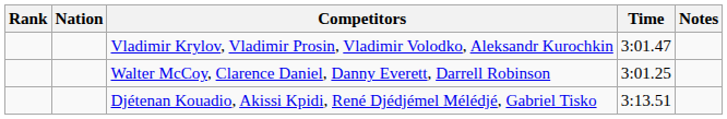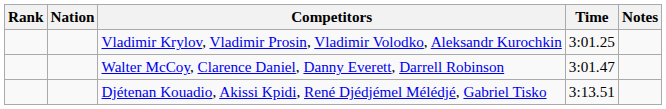 <table class="wikitable sortable" style="text-align:center; font-size:95%">
 <tr>
 <th>Rank</th>
 <th>Nation</th>
 <th>Competitors</th>
 <th>Time</th>
 <th>Notes</th>
 </tr>
 <tr>
 <td></td>
 <td align=left></td>
 <td align=left><a href='#'>Vladimir Krylov</a>, <a href='#'>Vladimir Prosin</a>, <a href='#'>Vladimir Volodko</a>, <a href='#'>Aleksandr Kurochkin</a></td>
-<td>3:01.47</td>
+<td>3:01.25</td>
 <td></td>
 </tr>
 <tr>
 <td></td>
 <td align=left></td>
 <td align=left><a href='#'>Walter McCoy</a>, <a href='#'>Clarence Daniel</a>, <a href='#'>Danny Everett</a>, <a href='#'>Darrell Robinson</a></td>
-<td>3:01.25</td>
+<td>3:01.47</td>
 <td></td>
 </tr>
 <tr>
 <td></td>
 <td align=left></td>
 <td align=left><a href='#'>Djétenan Kouadio</a>, <a href='#'>Akissi Kpidi</a>, <a href='#'>René Djédjémel Mélédjé</a>, <a href='#'>Gabriel Tisko</a></td>
 <td>3:13.51</td>
 <td></td>
 </tr>
 </table>
